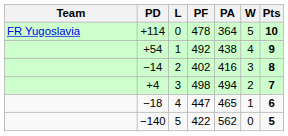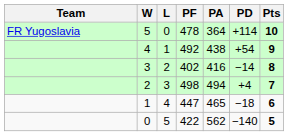 <table class="wikitable" style="text-align:center;">
 <tr>
 <th width=180>Team</th>
-<th width=30>PD</th>
+<th width=20>W</th>
 <th width=20>L</th>
 <th width=30>PF</th>
 <th width=30>PA</th>
-<th width=20>W</th>
+<th width=30>PD</th>
 <th width=20>Pts</th>
 </tr>
 <tr bgcolor="#ccffcc">
 <td align=left> <a href='#'>FR Yugoslavia</a></td>
-<td>+114</td>
+<td>5</td>
 <td>0</td>
 <td>478</td>
 <td>364</td>
-<td>5</td>
+<td>+114</td>
 <td><strong>10</strong></td>
 </tr>
 <tr bgcolor="#ccffcc">
 <td align=left></td>
-<td>+54</td>
+<td>4</td>
 <td>1</td>
 <td>492</td>
 <td>438</td>
-<td>4</td>
+<td>+54</td>
 <td><strong>9</strong></td>
 </tr>
 <tr bgcolor="#ccffcc">
 <td align=left></td>
-<td>−14</td>
+<td>3</td>
 <td>2</td>
 <td>402</td>
 <td>416</td>
-<td>3</td>
+<td>−14</td>
 <td><strong>8</strong></td>
 </tr>
 <tr bgcolor="#ccffcc">
 <td align=left></td>
-<td>+4</td>
+<td>2</td>
 <td>3</td>
 <td>498</td>
 <td>494</td>
-<td>2</td>
+<td>+4</td>
 <td><strong>7</strong></td>
 </tr>
 <tr>
 <td align=left></td>
-<td>−18</td>
+<td>1</td>
 <td>4</td>
 <td>447</td>
 <td>465</td>
-<td>1</td>
+<td>−18</td>
 <td><strong>6</strong></td>
 </tr>
 <tr>
 <td align=left></td>
-<td>−140</td>
+<td>0</td>
 <td>5</td>
 <td>422</td>
 <td>562</td>
-<td>0</td>
+<td>−140</td>
 <td><strong>5</strong></td>
 </tr>
 </table>
